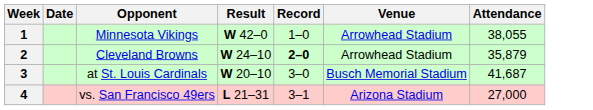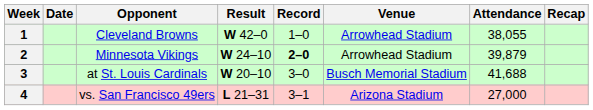 <table class="wikitable" style="text-align:center">
 <tr>
 <th>Week</th>
 <th>Date</th>
 <th>Opponent</th>
 <th>Result</th>
 <th>Record</th>
 <th>Venue</th>
 <th>Attendance</th>
+<th>Recap</th>
 </tr>
 <tr style="background:#cfc">
 <th>1</th>
 <td></td>
-<td><a href='#'>Minnesota Vikings</a></td>
+<td><a href='#'>Cleveland Browns</a></td>
 <td><strong>W</strong> 42–0</td>
 <td>1–0</td>
 <td><a href='#'>Arrowhead Stadium</a></td>
 <td>38,055</td>
+<td></td>
 </tr>
 <tr style="background:#cfc">
 <th>2</th>
 <td></td>
-<td><a href='#'>Cleveland Browns</a></td>
+<td><a href='#'>Minnesota Vikings</a></td>
 <td><strong>W</strong> 24–10</td>
 <td><strong>2–0</strong></td>
 <td>Arrowhead Stadium</td>
-<td>35,879</td>
+<td>39,879</td>
+<td></td>
 </tr>
 <tr style="background:#cfc">
 <th>3</th>
 <td></td>
 <td>at <a href='#'>St. Louis Cardinals</a></td>
 <td><strong>W</strong> 20–10</td>
 <td>3–0</td>
 <td><a href='#'>Busch Memorial Stadium</a></td>
-<td>41,687</td>
+<td>41,688</td>
+<td></td>
 </tr>
 <tr style="background:#fcc">
 <th>4</th>
 <td></td>
 <td>vs. <a href='#'>San Francisco 49ers</a></td>
 <td><strong>L</strong> 21–31</td>
 <td>3–1</td>
 <td><a href='#'>Arizona Stadium</a> </td>
 <td>27,000</td>
+<td></td>
 </tr>
 </table>
